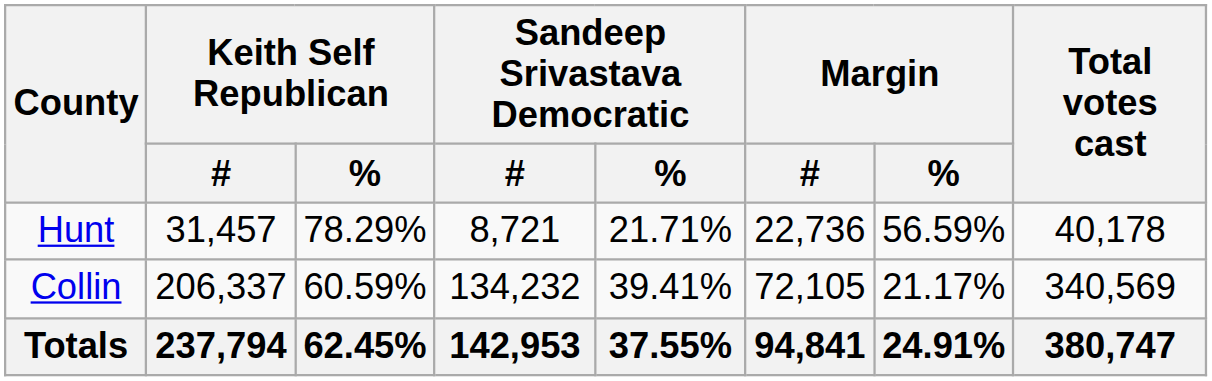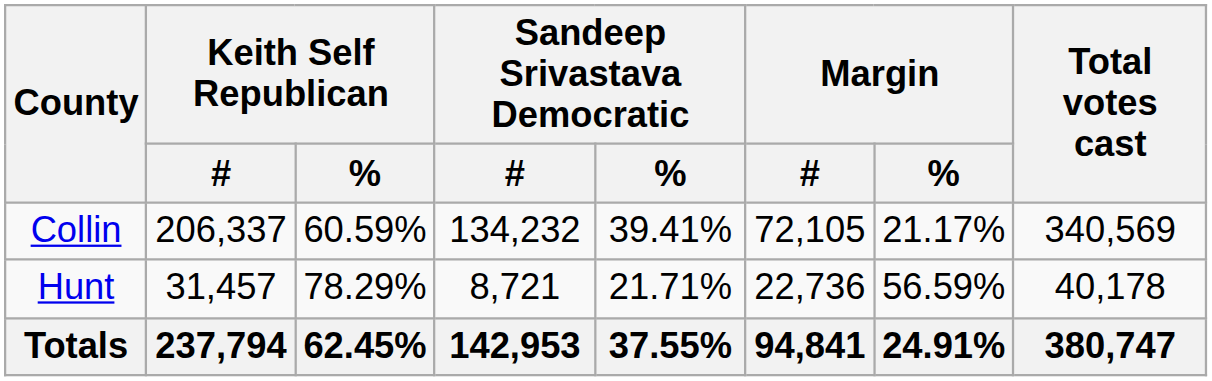 <table width="60%"  class="wikitable sortable" style="text-align:center">
 <tr>
 <th rowspan="2">County</th>
 <th style="text-align:center;" colspan="2">Keith Self<br>Republican</th>
 <th style="text-align:center;" colspan="2">Sandeep Srivastava<br>Democratic</th>
 <th style="text-align:center;" colspan="2">Margin</th>
 <th rowspan="2" style="text-align:center;">Total votes cast</th>
 </tr>
 <tr>
 <th style="text-align:center;" data-sort-type="number">#</th>
 <th style="text-align:center;" data-sort-type="number">%</th>
 <th style="text-align:center;" data-sort-type="number">#</th>
 <th style="text-align:center;" data-sort-type="number">%</th>
 <th style="text-align:center;" data-sort-type="number">#</th>
 <th style="text-align:center;" data-sort-type="number">%</th>
 </tr>
 <tr style="text-align:center;">
+<td style="background-color:"><a href='#'>Collin</a></td>
+<td style="background-color:">206,337</td>
+<td style="background-color:">60.59%</td>
+<td style="color:black;background-color:">134,232</td>
+<td style="color:black;background-color:">39.41%</td>
+<td style="background-color:">72,105</td>
+<td style="background-color:">21.17%</td>
+<td style="background-color:">340,569</td>
+</tr>
+<tr style="text-align:center;">
 <td style="background-color:"><a href='#'>Hunt</a></td>
 <td style="background-color:">31,457</td>
 <td style="background-color:">78.29%</td>
 <td style="color:black;background-color:">8,721</td>
 <td style="color:black;background-color:">21.71%</td>
 <td style="background-color:">22,736</td>
 <td style="background-color:">56.59%</td>
 <td style="background-color:">40,178</td>
-</tr>
-<tr style="text-align:center;">
-<td style="background-color:"><a href='#'>Collin</a></td>
-<td style="background-color:">206,337</td>
-<td style="background-color:">60.59%</td>
-<td style="color:black;background-color:">134,232</td>
-<td style="color:black;background-color:">39.41%</td>
-<td style="background-color:">72,105</td>
-<td style="background-color:">21.17%</td>
-<td style="background-color:">340,569</td>
 </tr>
 <tr style="text-align:center;">
 <th>Totals</th>
 <th>237,794</th>
 <th>62.45%</th>
 <th>142,953</th>
 <th>37.55%</th>
 <th>94,841</th>
 <th>24.91%</th>
 <th>380,747</th>
 </tr>
 </table>
